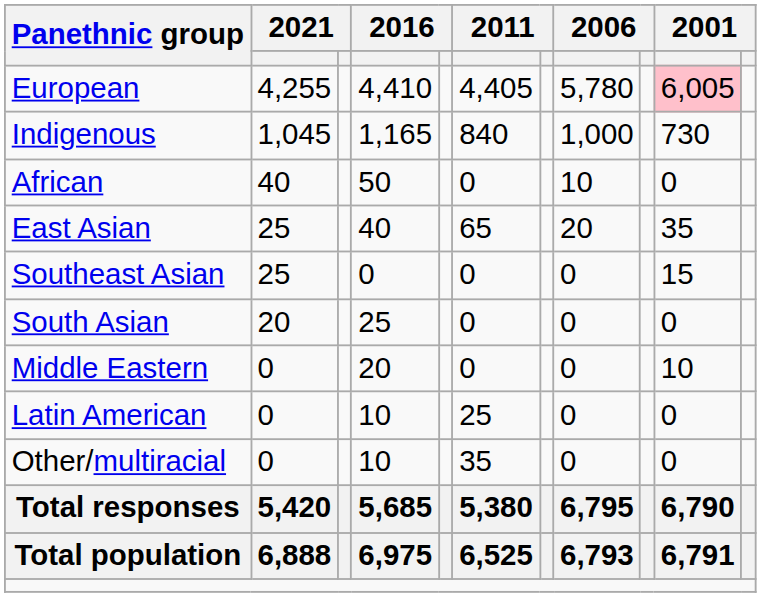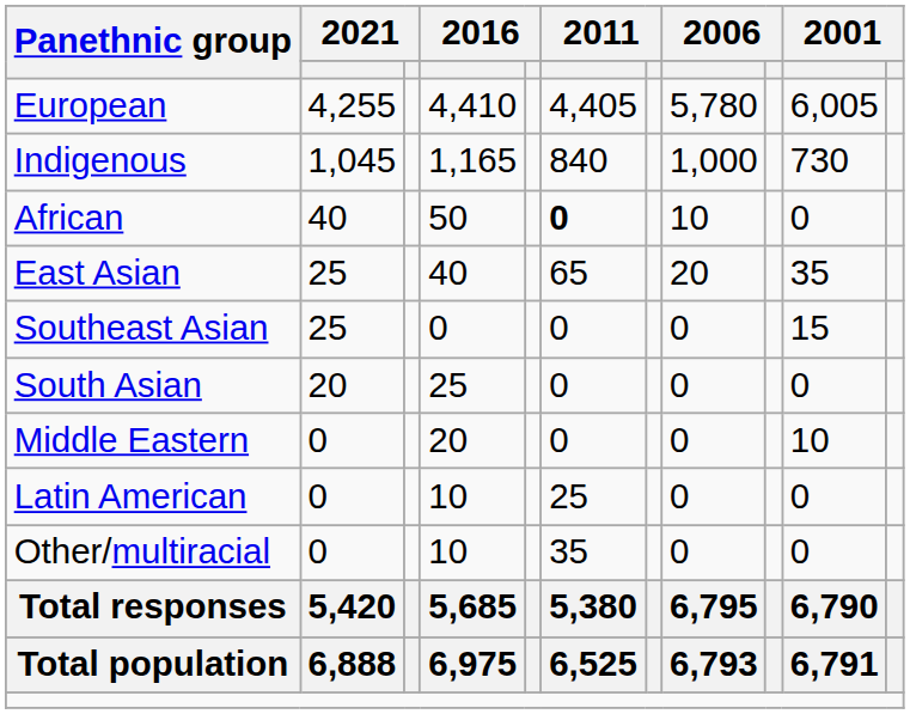 <table class="wikitable collapsible sortable">
 <tr>
 <th rowspan="2"><a href='#'>Panethnic</a> group</th>
 <th colspan="2">2021</th>
 <th colspan="2">2016</th>
 <th colspan="2">2011</th>
 <th colspan="2">2006</th>
 <th colspan="2">2001</th>
 </tr>
 <tr>
 <th><a href='#'></a></th>
 <th></th>
 <th></th>
 <th></th>
 <th></th>
 <th></th>
 <th></th>
 <th></th>
 <th></th>
 <th></th>
 </tr>
 <tr>
 <td><a href='#'>European</a></td>
 <td>4,255</td>
 <td></td>
 <td>4,410</td>
 <td></td>
 <td>4,405</td>
 <td></td>
 <td>5,780</td>
 <td></td>
-<td style="background: pink;">6,005</td>
+<td>6,005</td>
 <td></td>
 </tr>
 <tr>
 <td><a href='#'>Indigenous</a></td>
 <td>1,045</td>
 <td></td>
 <td>1,165</td>
 <td></td>
 <td>840</td>
 <td></td>
 <td>1,000</td>
 <td></td>
 <td>730</td>
 <td></td>
 </tr>
 <tr>
 <td><a href='#'>African</a></td>
 <td>40</td>
 <td></td>
 <td>50</td>
 <td></td>
-<td>0</td>
+<td><strong>0</strong></td>
 <td></td>
 <td>10</td>
 <td></td>
 <td>0</td>
 <td></td>
 </tr>
 <tr>
 <td><a href='#'>East Asian</a></td>
 <td>25</td>
 <td></td>
 <td>40</td>
 <td></td>
 <td>65</td>
 <td></td>
 <td>20</td>
 <td></td>
 <td>35</td>
 <td></td>
 </tr>
 <tr>
 <td><a href='#'>Southeast Asian</a></td>
 <td>25</td>
 <td></td>
 <td>0</td>
 <td></td>
 <td>0</td>
 <td></td>
 <td>0</td>
 <td></td>
 <td>15</td>
 <td></td>
 </tr>
 <tr>
 <td><a href='#'>South Asian</a></td>
 <td>20</td>
 <td></td>
 <td>25</td>
 <td></td>
 <td>0</td>
 <td></td>
 <td>0</td>
 <td></td>
 <td>0</td>
 <td></td>
 </tr>
 <tr>
 <td><a href='#'>Middle Eastern</a></td>
 <td>0</td>
 <td></td>
 <td>20</td>
 <td></td>
 <td>0</td>
 <td></td>
 <td>0</td>
 <td></td>
 <td>10</td>
 <td></td>
 </tr>
 <tr>
 <td><a href='#'>Latin American</a></td>
 <td>0</td>
 <td></td>
 <td>10</td>
 <td></td>
 <td>25</td>
 <td></td>
 <td>0</td>
 <td></td>
 <td>0</td>
 <td></td>
 </tr>
 <tr>
 <td>Other/<a href='#'>multiracial</a></td>
 <td>0</td>
 <td></td>
 <td>10</td>
 <td></td>
 <td>35</td>
 <td></td>
 <td>0</td>
 <td></td>
 <td>0</td>
 <td></td>
 </tr>
 <tr>
 <th>Total responses</th>
 <th>5,420</th>
 <th></th>
 <th>5,685</th>
 <th></th>
 <th>5,380</th>
 <th></th>
 <th>6,795</th>
 <th></th>
 <th>6,790</th>
 <th></th>
 </tr>
 <tr class="sortbottom">
 <th>Total population</th>
 <th>6,888</th>
 <th></th>
 <th>6,975</th>
 <th></th>
 <th>6,525</th>
 <th></th>
 <th>6,793</th>
 <th></th>
 <th>6,791</th>
 <th></th>
 </tr>
 <tr class="sortbottom">
 <td colspan="11"></td>
 </tr>
 </table>
